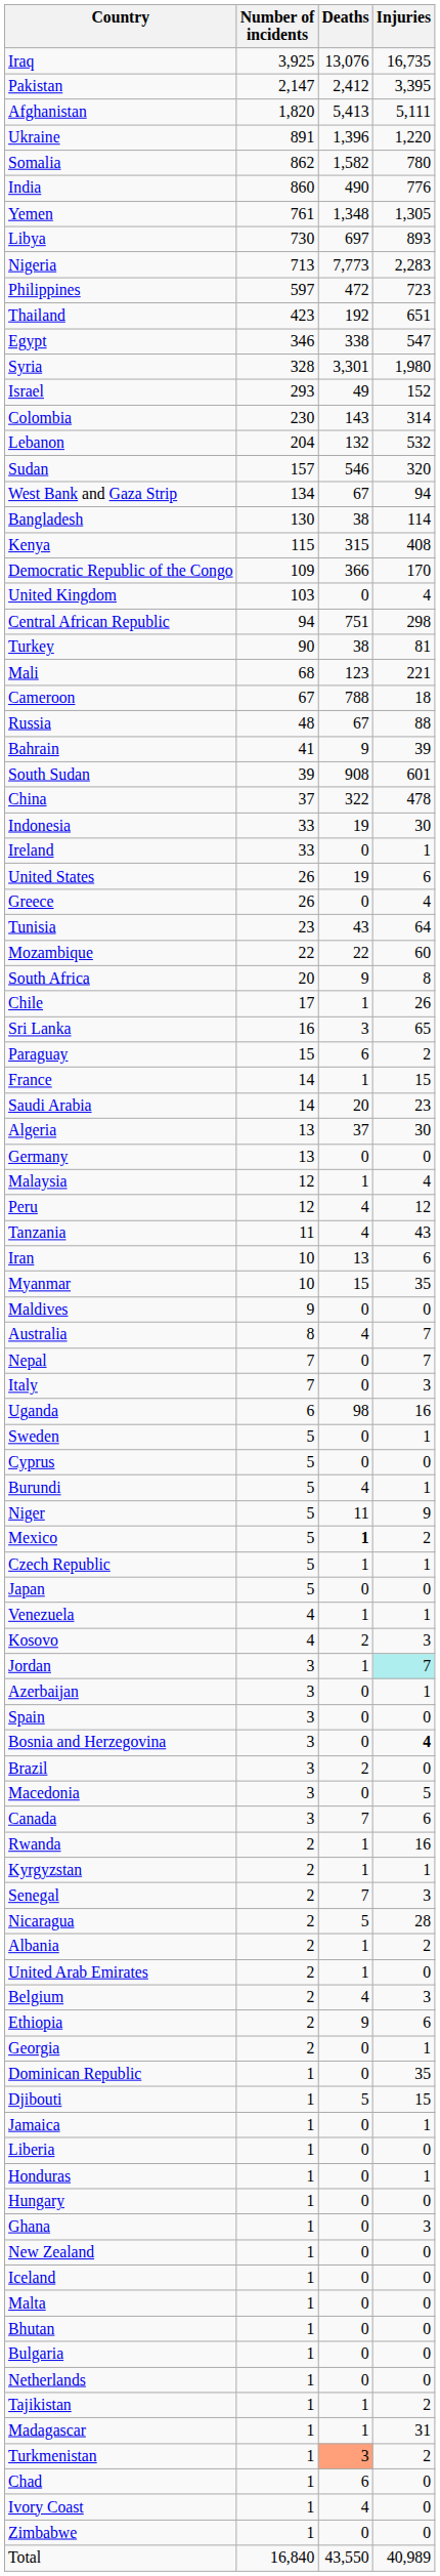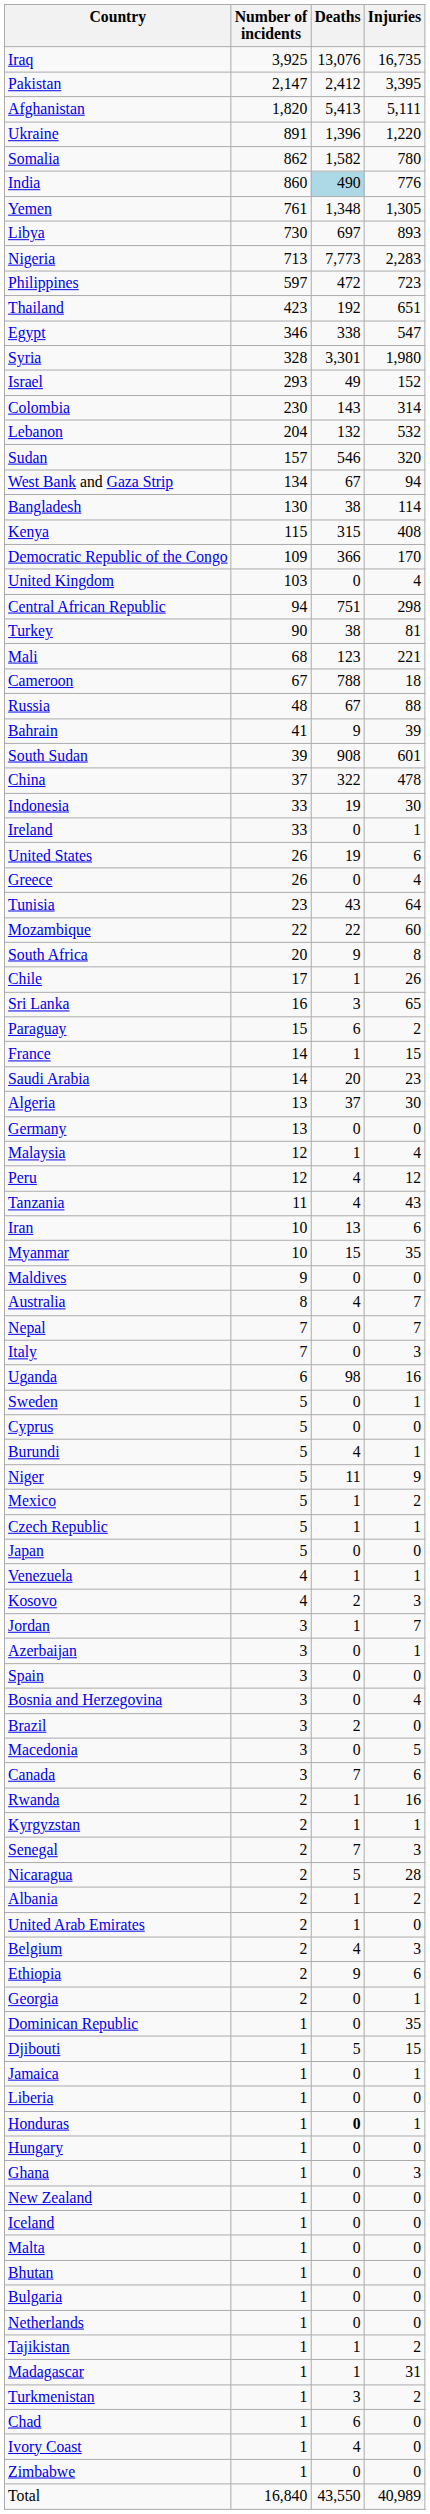 <table class="wikitable collapsible collapsed floatright" style="text-align:right">
 <tr style="background:#ececec; vertical-align:top;">
 <th>Country</th>
 <th>Number of<br>incidents</th>
 <th>Deaths</th>
 <th>Injuries</th>
 </tr>
 <tr>
 <td align=left><a href='#'>Iraq</a></td>
 <td>3,925</td>
 <td>13,076</td>
 <td>16,735</td>
 </tr>
 <tr>
 <td align=left><a href='#'>Pakistan</a></td>
 <td>2,147</td>
 <td>2,412</td>
 <td>3,395</td>
 </tr>
 <tr>
 <td align=left><a href='#'>Afghanistan</a></td>
 <td>1,820</td>
 <td>5,413</td>
 <td>5,111</td>
 </tr>
 <tr>
 <td align=left><a href='#'>Ukraine</a></td>
 <td>891</td>
 <td>1,396</td>
 <td>1,220</td>
 </tr>
 <tr>
 <td align=left><a href='#'>Somalia</a></td>
 <td>862</td>
 <td>1,582</td>
 <td>780</td>
 </tr>
 <tr>
 <td align=left><a href='#'>India</a></td>
 <td>860</td>
-<td>490</td>
+<td style="background: lightblue;">490</td>
 <td>776</td>
 </tr>
 <tr>
 <td align=left><a href='#'>Yemen</a></td>
 <td>761</td>
 <td>1,348</td>
 <td>1,305</td>
 </tr>
 <tr>
 <td align=left><a href='#'>Libya</a></td>
 <td>730</td>
 <td>697</td>
 <td>893</td>
 </tr>
 <tr>
 <td align=left><a href='#'>Nigeria</a></td>
 <td>713</td>
 <td>7,773</td>
 <td>2,283</td>
 </tr>
 <tr>
 <td align=left><a href='#'>Philippines</a></td>
 <td>597</td>
 <td>472</td>
 <td>723</td>
 </tr>
 <tr>
 <td align=left><a href='#'>Thailand</a></td>
 <td>423</td>
 <td>192</td>
 <td>651</td>
 </tr>
 <tr>
 <td align=left><a href='#'>Egypt</a></td>
 <td>346</td>
 <td>338</td>
 <td>547</td>
 </tr>
 <tr>
 <td align=left><a href='#'>Syria</a></td>
 <td>328</td>
 <td>3,301</td>
 <td>1,980</td>
 </tr>
 <tr>
 <td align=left><a href='#'>Israel</a></td>
 <td>293</td>
 <td>49</td>
 <td>152</td>
 </tr>
 <tr>
 <td align=left><a href='#'>Colombia</a></td>
 <td>230</td>
 <td>143</td>
 <td>314</td>
 </tr>
 <tr>
 <td align=left><a href='#'>Lebanon</a></td>
 <td>204</td>
 <td>132</td>
 <td>532</td>
 </tr>
 <tr>
 <td align=left><a href='#'>Sudan</a></td>
 <td>157</td>
 <td>546</td>
 <td>320</td>
 </tr>
 <tr>
 <td align=left><a href='#'>West Bank</a> and <a href='#'>Gaza Strip</a></td>
 <td>134</td>
 <td>67</td>
 <td>94</td>
 </tr>
 <tr>
 <td align=left><a href='#'>Bangladesh</a></td>
 <td>130</td>
 <td>38</td>
 <td>114</td>
 </tr>
 <tr>
 <td align=left><a href='#'>Kenya</a></td>
 <td>115</td>
 <td>315</td>
 <td>408</td>
 </tr>
 <tr>
 <td align=left><a href='#'>Democratic Republic of the Congo</a></td>
 <td>109</td>
 <td>366</td>
 <td>170</td>
 </tr>
 <tr>
 <td align=left><a href='#'>United Kingdom</a></td>
 <td>103</td>
 <td>0</td>
 <td>4</td>
 </tr>
 <tr>
 <td align=left><a href='#'>Central African Republic</a></td>
 <td>94</td>
 <td>751</td>
 <td>298</td>
 </tr>
 <tr>
 <td align=left><a href='#'>Turkey</a></td>
 <td>90</td>
 <td>38</td>
 <td>81</td>
 </tr>
 <tr>
 <td align=left><a href='#'>Mali</a></td>
 <td>68</td>
 <td>123</td>
 <td>221</td>
 </tr>
 <tr>
 <td align=left><a href='#'>Cameroon</a></td>
 <td>67</td>
 <td>788</td>
 <td>18</td>
 </tr>
 <tr>
 <td align=left><a href='#'>Russia</a></td>
 <td>48</td>
 <td>67</td>
 <td>88</td>
 </tr>
 <tr>
 <td align=left><a href='#'>Bahrain</a></td>
 <td>41</td>
 <td>9</td>
 <td>39</td>
 </tr>
 <tr>
 <td align=left><a href='#'>South Sudan</a></td>
 <td>39</td>
 <td>908</td>
 <td>601</td>
 </tr>
 <tr>
 <td align=left><a href='#'>China</a></td>
 <td>37</td>
 <td>322</td>
 <td>478</td>
 </tr>
 <tr>
 <td align=left><a href='#'>Indonesia</a></td>
 <td>33</td>
 <td>19</td>
 <td>30</td>
 </tr>
 <tr>
 <td align=left><a href='#'>Ireland</a></td>
 <td>33</td>
 <td>0</td>
 <td>1</td>
 </tr>
 <tr>
 <td align=left><a href='#'>United States</a></td>
 <td>26</td>
 <td>19</td>
 <td>6</td>
 </tr>
 <tr>
 <td align=left><a href='#'>Greece</a></td>
 <td>26</td>
 <td>0</td>
 <td>4</td>
 </tr>
 <tr>
 <td align=left><a href='#'>Tunisia</a></td>
 <td>23</td>
 <td>43</td>
 <td>64</td>
 </tr>
 <tr>
 <td align=left><a href='#'>Mozambique</a></td>
 <td>22</td>
 <td>22</td>
 <td>60</td>
 </tr>
 <tr>
 <td align=left><a href='#'>South Africa</a></td>
 <td>20</td>
 <td>9</td>
 <td>8</td>
 </tr>
 <tr>
 <td align=left><a href='#'>Chile</a></td>
 <td>17</td>
 <td>1</td>
 <td>26</td>
 </tr>
 <tr>
 <td align=left><a href='#'>Sri Lanka</a></td>
 <td>16</td>
 <td>3</td>
 <td>65</td>
 </tr>
 <tr>
 <td align=left><a href='#'>Paraguay</a></td>
 <td>15</td>
 <td>6</td>
 <td>2</td>
 </tr>
 <tr>
 <td align=left><a href='#'>France</a></td>
 <td>14</td>
 <td>1</td>
 <td>15</td>
 </tr>
 <tr>
 <td align=left><a href='#'>Saudi Arabia</a></td>
 <td>14</td>
 <td>20</td>
 <td>23</td>
 </tr>
 <tr>
 <td align=left><a href='#'>Algeria</a></td>
 <td>13</td>
 <td>37</td>
 <td>30</td>
 </tr>
 <tr>
 <td align=left><a href='#'>Germany</a></td>
 <td>13</td>
 <td>0</td>
 <td>0</td>
 </tr>
 <tr>
 <td align=left><a href='#'>Malaysia</a></td>
 <td>12</td>
 <td>1</td>
 <td>4</td>
 </tr>
 <tr>
 <td align=left><a href='#'>Peru</a></td>
 <td>12</td>
 <td>4</td>
 <td>12</td>
 </tr>
 <tr>
 <td align=left><a href='#'>Tanzania</a></td>
 <td>11</td>
 <td>4</td>
 <td>43</td>
 </tr>
 <tr>
 <td align=left><a href='#'>Iran</a></td>
 <td>10</td>
 <td>13</td>
 <td>6</td>
 </tr>
 <tr>
 <td align=left><a href='#'>Myanmar</a></td>
 <td>10</td>
 <td>15</td>
 <td>35</td>
 </tr>
 <tr>
 <td align=left><a href='#'>Maldives</a></td>
 <td>9</td>
 <td>0</td>
 <td>0</td>
 </tr>
 <tr>
 <td align=left><a href='#'>Australia</a></td>
 <td>8</td>
 <td>4</td>
 <td>7</td>
 </tr>
 <tr>
 <td align=left><a href='#'>Nepal</a></td>
 <td>7</td>
 <td>0</td>
 <td>7</td>
 </tr>
 <tr>
 <td align=left><a href='#'>Italy</a></td>
 <td>7</td>
 <td>0</td>
 <td>3</td>
 </tr>
 <tr>
 <td align=left><a href='#'>Uganda</a></td>
 <td>6</td>
 <td>98</td>
 <td>16</td>
 </tr>
 <tr>
 <td align=left><a href='#'>Sweden</a></td>
 <td>5</td>
 <td>0</td>
 <td>1</td>
 </tr>
 <tr>
 <td align=left><a href='#'>Cyprus</a></td>
 <td>5</td>
 <td>0</td>
 <td>0</td>
 </tr>
 <tr>
 <td align=left><a href='#'>Burundi</a></td>
 <td>5</td>
 <td>4</td>
 <td>1</td>
 </tr>
 <tr>
 <td align=left><a href='#'>Niger</a></td>
 <td>5</td>
 <td>11</td>
 <td>9</td>
 </tr>
 <tr>
 <td align=left><a href='#'>Mexico</a></td>
 <td>5</td>
-<td><strong>1</strong></td>
+<td>1</td>
 <td>2</td>
 </tr>
 <tr>
 <td align=left><a href='#'>Czech Republic</a></td>
 <td>5</td>
 <td>1</td>
 <td>1</td>
 </tr>
 <tr>
 <td align=left><a href='#'>Japan</a></td>
 <td>5</td>
 <td>0</td>
 <td>0</td>
 </tr>
 <tr>
 <td align=left><a href='#'>Venezuela</a></td>
 <td>4</td>
 <td>1</td>
 <td>1</td>
 </tr>
 <tr>
 <td align=left><a href='#'>Kosovo</a></td>
 <td>4</td>
 <td>2</td>
 <td>3</td>
 </tr>
 <tr>
 <td align=left><a href='#'>Jordan</a></td>
 <td>3</td>
 <td>1</td>
-<td style="background: paleturquoise;">7</td>
+<td>7</td>
 </tr>
 <tr>
 <td align=left><a href='#'>Azerbaijan</a></td>
 <td>3</td>
 <td>0</td>
 <td>1</td>
 </tr>
 <tr>
 <td align=left><a href='#'>Spain</a></td>
 <td>3</td>
 <td>0</td>
 <td>0</td>
 </tr>
 <tr>
 <td align=left><a href='#'>Bosnia and Herzegovina</a></td>
 <td>3</td>
 <td>0</td>
-<td><strong>4</strong></td>
+<td>4</td>
 </tr>
 <tr>
 <td align=left><a href='#'>Brazil</a></td>
 <td>3</td>
 <td>2</td>
 <td>0</td>
 </tr>
 <tr>
 <td align=left><a href='#'>Macedonia</a></td>
 <td>3</td>
 <td>0</td>
 <td>5</td>
 </tr>
 <tr>
 <td align=left><a href='#'>Canada</a></td>
 <td>3</td>
 <td>7</td>
 <td>6</td>
 </tr>
 <tr>
 <td align=left><a href='#'>Rwanda</a></td>
 <td>2</td>
 <td>1</td>
 <td>16</td>
 </tr>
 <tr>
 <td align=left><a href='#'>Kyrgyzstan</a></td>
 <td>2</td>
 <td>1</td>
 <td>1</td>
 </tr>
 <tr>
 <td align=left><a href='#'>Senegal</a></td>
 <td>2</td>
 <td>7</td>
 <td>3</td>
 </tr>
 <tr>
 <td align=left><a href='#'>Nicaragua</a></td>
 <td>2</td>
 <td>5</td>
 <td>28</td>
 </tr>
 <tr>
 <td align=left><a href='#'>Albania</a></td>
 <td>2</td>
 <td>1</td>
 <td>2</td>
 </tr>
 <tr>
 <td align=left><a href='#'>United Arab Emirates</a></td>
 <td>2</td>
 <td>1</td>
 <td>0</td>
 </tr>
 <tr>
 <td align=left><a href='#'>Belgium</a></td>
 <td>2</td>
 <td>4</td>
 <td>3</td>
 </tr>
 <tr>
 <td align=left><a href='#'>Ethiopia</a></td>
 <td>2</td>
 <td>9</td>
 <td>6</td>
 </tr>
 <tr>
 <td align=left><a href='#'>Georgia</a></td>
 <td>2</td>
 <td>0</td>
 <td>1</td>
 </tr>
 <tr>
 <td align=left><a href='#'>Dominican Republic</a></td>
 <td>1</td>
 <td>0</td>
 <td>35</td>
 </tr>
 <tr>
 <td align=left><a href='#'>Djibouti</a></td>
 <td>1</td>
 <td>5</td>
 <td>15</td>
 </tr>
 <tr>
 <td align=left><a href='#'>Jamaica</a></td>
 <td>1</td>
 <td>0</td>
 <td>1</td>
 </tr>
 <tr>
 <td align=left><a href='#'>Liberia</a></td>
 <td>1</td>
 <td>0</td>
 <td>0</td>
 </tr>
 <tr>
 <td align=left><a href='#'>Honduras</a></td>
 <td>1</td>
-<td>0</td>
+<td><strong>0</strong></td>
 <td>1</td>
 </tr>
 <tr>
 <td align=left><a href='#'>Hungary</a></td>
 <td>1</td>
 <td>0</td>
 <td>0</td>
 </tr>
 <tr>
 <td align=left><a href='#'>Ghana</a></td>
 <td>1</td>
 <td>0</td>
 <td>3</td>
 </tr>
 <tr>
 <td align=left><a href='#'>New Zealand</a></td>
 <td>1</td>
 <td>0</td>
 <td>0</td>
 </tr>
 <tr>
 <td align=left><a href='#'>Iceland</a></td>
 <td>1</td>
 <td>0</td>
 <td>0</td>
 </tr>
 <tr>
 <td align=left><a href='#'>Malta</a></td>
 <td>1</td>
 <td>0</td>
 <td>0</td>
 </tr>
 <tr>
 <td align=left><a href='#'>Bhutan</a></td>
 <td>1</td>
 <td>0</td>
 <td>0</td>
 </tr>
 <tr>
 <td align=left><a href='#'>Bulgaria</a></td>
 <td>1</td>
 <td>0</td>
 <td>0</td>
 </tr>
 <tr>
 <td align=left><a href='#'>Netherlands</a></td>
 <td>1</td>
 <td>0</td>
 <td>0</td>
 </tr>
 <tr>
 <td align=left><a href='#'>Tajikistan</a></td>
 <td>1</td>
 <td>1</td>
 <td>2</td>
 </tr>
 <tr>
 <td align=left><a href='#'>Madagascar</a></td>
 <td>1</td>
 <td>1</td>
 <td>31</td>
 </tr>
 <tr>
 <td align=left><a href='#'>Turkmenistan</a></td>
 <td>1</td>
-<td style="background: lightsalmon;">3</td>
+<td>3</td>
 <td>2</td>
 </tr>
 <tr>
 <td align=left><a href='#'>Chad</a></td>
 <td>1</td>
 <td>6</td>
 <td>0</td>
 </tr>
 <tr>
 <td align=left><a href='#'>Ivory Coast</a></td>
 <td>1</td>
 <td>4</td>
 <td>0</td>
 </tr>
 <tr>
 <td align=left><a href='#'>Zimbabwe</a></td>
 <td>1</td>
 <td>0</td>
 <td>0</td>
 </tr>
 <tr>
 <td align=left>Total</td>
 <td>16,840</td>
 <td>43,550</td>
 <td>40,989</td>
 </tr>
 </table>
